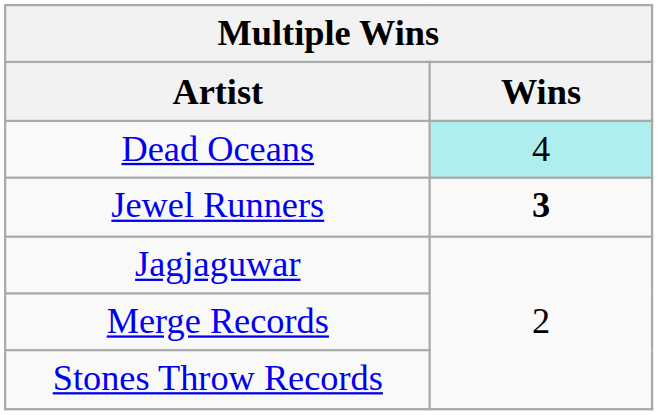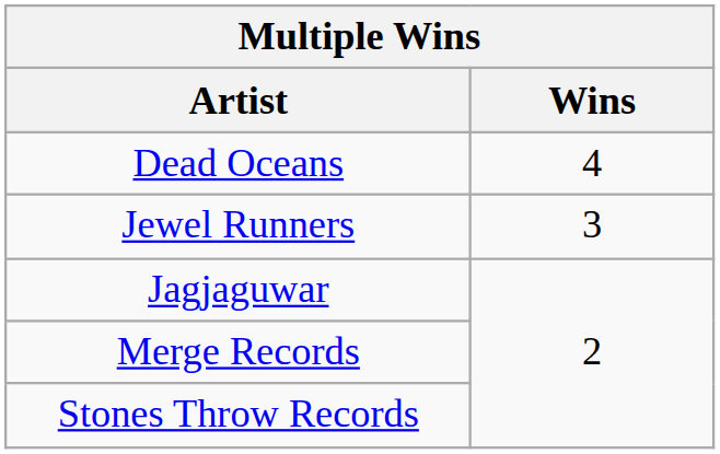 <table class="wikitable sortable" style="text-align: center">
 <tr>
 <th colspan="2" align="center">Multiple Wins</th>
 </tr>
 <tr>
 <th style="width:180px;">Artist</th>
 <th style="width:090px;">Wins</th>
 </tr>
 <tr>
 <td><a href='#'>Dead Oceans</a></td>
-<td style="background: paleturquoise;">4</td>
+<td>4</td>
 </tr>
 <tr>
 <td><a href='#'>Jewel Runners</a></td>
-<td><strong>3</strong></td>
+<td>3</td>
 </tr>
 <tr>
 <td><a href='#'>Jagjaguwar</a></td>
 <td rowspan="3">2</td>
 </tr>
 <tr>
 <td><a href='#'>Merge Records</a></td>
 </tr>
 <tr>
 <td><a href='#'>Stones Throw Records</a></td>
 </tr>
 </table>
